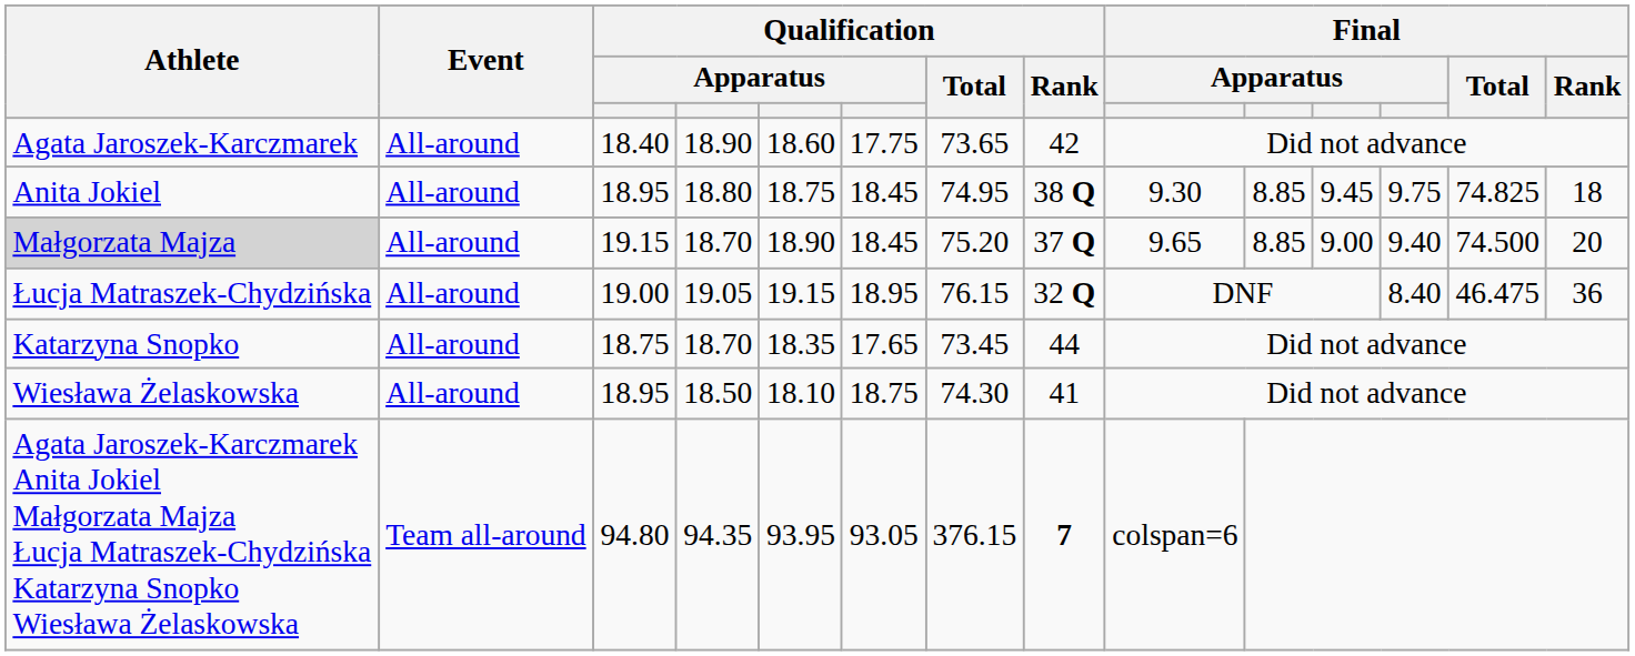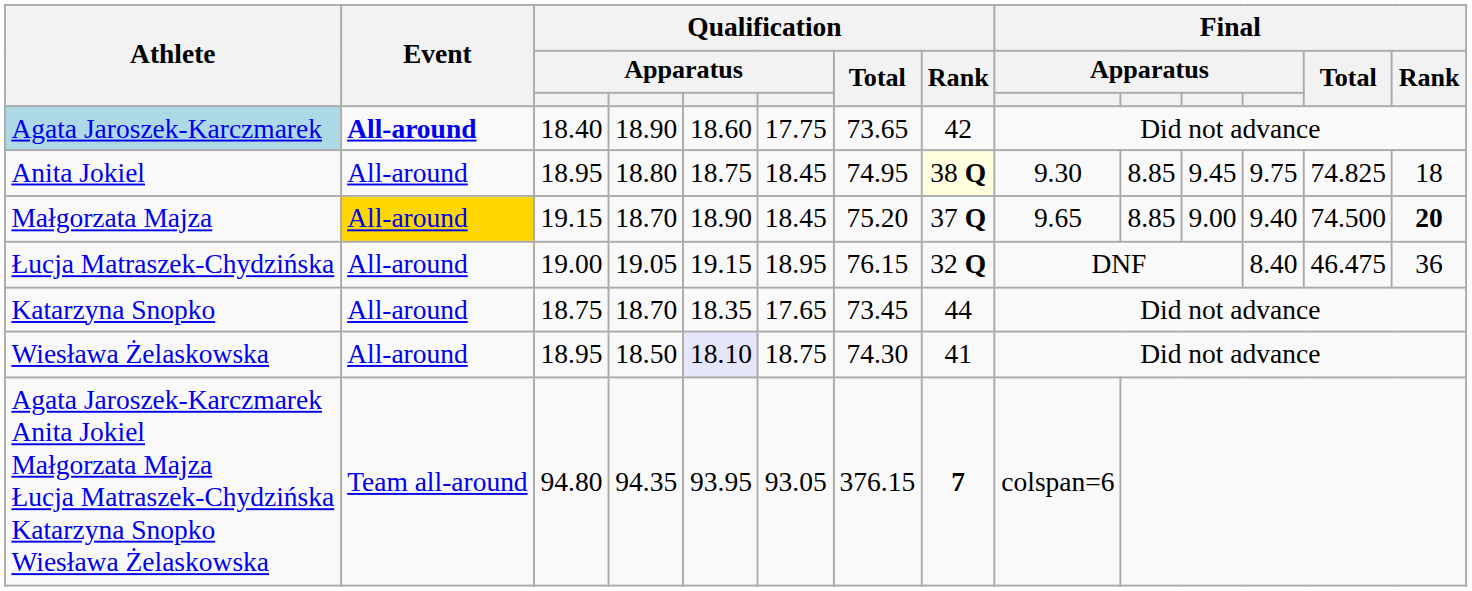 <table class="wikitable" style="font-size:90%">
 <tr>
 <th rowspan="3">Athlete</th>
 <th rowspan="3">Event</th>
 <th colspan =6>Qualification</th>
 <th colspan =6>Final</th>
 </tr>
 <tr style="font-size:95%">
 <th colspan=4>Apparatus</th>
 <th rowspan=2>Total</th>
 <th rowspan=2>Rank</th>
 <th colspan=4>Apparatus</th>
 <th rowspan=2>Total</th>
 <th rowspan=2>Rank</th>
 </tr>
 <tr style="font-size:95%">
 <th></th>
 <th></th>
 <th></th>
 <th></th>
 <th></th>
 <th></th>
 <th></th>
 <th></th>
 </tr>
 <tr align=center>
-<td align=left><a href='#'>Agata Jaroszek-Karczmarek</a></td>
-<td align=left><a href='#'>All-around</a></td>
+<td align=left style="background: lightblue;"><a href='#'>Agata Jaroszek-Karczmarek</a></td>
+<td align=left><strong><a href='#'>All-around</a></strong></td>
 <td>18.40</td>
 <td>18.90</td>
 <td>18.60</td>
 <td>17.75</td>
 <td>73.65</td>
 <td>42</td>
 <td colspan=6>Did not advance</td>
 </tr>
 <tr align=center>
 <td align=left><a href='#'>Anita Jokiel</a></td>
 <td align=left><a href='#'>All-around</a></td>
 <td>18.95</td>
 <td>18.80</td>
 <td>18.75</td>
 <td>18.45</td>
 <td>74.95</td>
-<td>38 <strong>Q</strong></td>
+<td style="background: lightyellow;">38 <strong>Q</strong></td>
 <td>9.30</td>
 <td>8.85</td>
 <td>9.45</td>
 <td>9.75</td>
 <td>74.825</td>
 <td>18</td>
 </tr>
 <tr align=center>
-<td align=left style="background: lightgrey;"><a href='#'>Małgorzata Majza</a></td>
-<td align=left><a href='#'>All-around</a></td>
+<td align=left><a href='#'>Małgorzata Majza</a></td>
+<td align=left style="background: gold;"><a href='#'>All-around</a></td>
 <td>19.15</td>
 <td>18.70</td>
 <td>18.90</td>
 <td>18.45</td>
 <td>75.20</td>
 <td>37 <strong>Q</strong></td>
 <td>9.65</td>
 <td>8.85</td>
 <td>9.00</td>
 <td>9.40</td>
 <td>74.500</td>
-<td>20</td>
+<td><strong>20</strong></td>
 </tr>
 <tr align=center>
 <td align=left><a href='#'>Łucja Matraszek-Chydzińska</a></td>
 <td align=left><a href='#'>All-around</a></td>
 <td>19.00</td>
 <td>19.05</td>
 <td>19.15</td>
 <td>18.95</td>
 <td>76.15</td>
 <td>32 <strong>Q</strong></td>
 <td colspan=3>DNF</td>
 <td>8.40</td>
 <td>46.475</td>
 <td>36</td>
 </tr>
 <tr align=center>
 <td align=left><a href='#'>Katarzyna Snopko</a></td>
 <td align=left><a href='#'>All-around</a></td>
 <td>18.75</td>
 <td>18.70</td>
 <td>18.35</td>
 <td>17.65</td>
 <td>73.45</td>
 <td>44</td>
 <td colspan=6>Did not advance</td>
 </tr>
 <tr align=center>
 <td align=left><a href='#'>Wiesława Żelaskowska</a></td>
 <td align=left><a href='#'>All-around</a></td>
 <td>18.95</td>
 <td>18.50</td>
-<td>18.10</td>
+<td style="background: lavender;">18.10</td>
 <td>18.75</td>
 <td>74.30</td>
 <td>41</td>
 <td colspan=6>Did not advance</td>
 </tr>
 <tr align=center>
 <td align=left><a href='#'>Agata Jaroszek-Karczmarek</a><br><a href='#'>Anita Jokiel</a><br><a href='#'>Małgorzata Majza</a><br><a href='#'>Łucja Matraszek-Chydzińska</a><br><a href='#'>Katarzyna Snopko</a><br><a href='#'>Wiesława Żelaskowska</a></td>
 <td align=left><a href='#'>Team all-around</a></td>
 <td>94.80</td>
 <td>94.35</td>
 <td>93.95</td>
 <td>93.05</td>
 <td>376.15</td>
 <td><strong>7</strong></td>
 <td>colspan=6 </td>
 </tr>
 </table>
